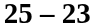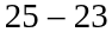 <table style="text-align:center">
 <tr>
 <th width=200></th>
 <th width=100></th>
 <th width=200></th>
 </tr>
 <tr>
 <td align=right><strong></strong></td>
-<td><strong>25 – 23</strong></td>
+<td>25 – 23</td>
 <td align=left></td>
 </tr>
 </table>
